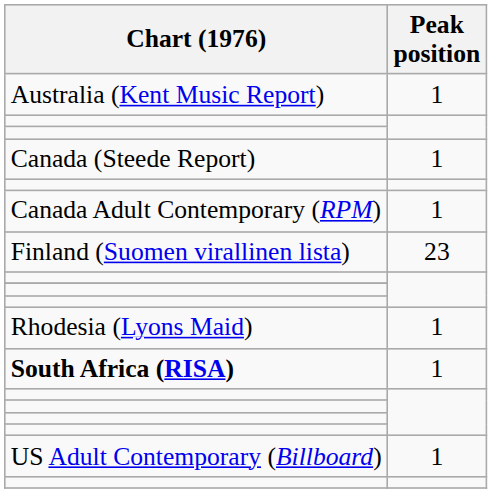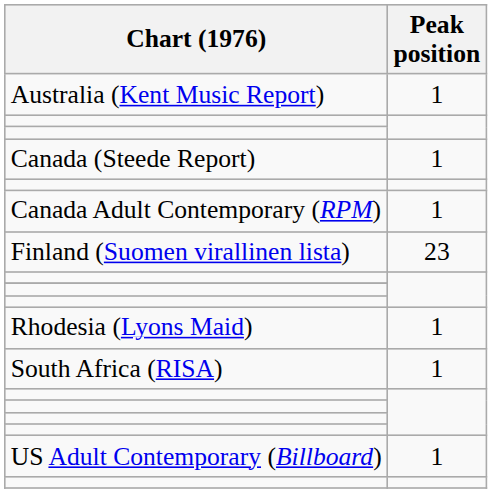 <table class="wikitable sortable">
 <tr>
 <th>Chart (1976)</th>
 <th>Peak<br>position</th>
 </tr>
 <tr>
 <td>Australia (<a href='#'>Kent Music Report</a>)</td>
 <td style="text-align:center;">1</td>
 </tr>
 <tr>
 <td></td>
 </tr>
 <tr>
 <td></td>
 </tr>
 <tr>
 <td>Canada (Steede Report)</td>
 <td style="text-align:center;">1</td>
 </tr>
 <tr>
 <td></td>
 </tr>
 <tr>
 <td>Canada Adult Contemporary (<em><a href='#'>RPM</a></em>)</td>
 <td style="text-align:center;">1</td>
 </tr>
 <tr>
 <td>Finland (<a href='#'>Suomen virallinen lista</a>)</td>
 <td style="text-align:center;">23</td>
 </tr>
 <tr>
 <td></td>
 </tr>
 <tr>
 </tr>
 <tr>
 </tr>
 <tr>
 <td></td>
 </tr>
 <tr>
 <td></td>
 </tr>
 <tr>
 <td>Rhodesia (<a href='#'>Lyons Maid</a>)</td>
 <td style="text-align:center;">1</td>
 </tr>
 <tr>
-<td><strong>South Africa (<a href='#'>RISA</a>)</strong></td>
+<td>South Africa (<a href='#'>RISA</a>)</td>
 <td style="text-align:center;">1</td>
 </tr>
 <tr>
 <td></td>
 </tr>
 <tr>
 <td></td>
 </tr>
 <tr>
 <td></td>
 </tr>
 <tr>
 <td></td>
 </tr>
 <tr>
 <td>US <a href='#'>Adult Contemporary</a> (<em><a href='#'>Billboard</a></em>)</td>
 <td align="center">1</td>
 </tr>
 <tr>
 <td></td>
 </tr>
 </table>
